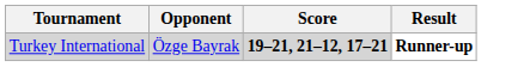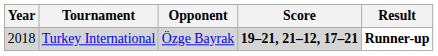 <table class="sortable wikitable" style="font-size:90%;">
 <tr>
+<th>Year</th>
 <th>Tournament</th>
 <th>Opponent</th>
 <th>Score</th>
 <th>Result</th>
 </tr>
 <tr style="background:#D5D5D5">
+<td align="center">2018</td>
 <td align="left"><a href='#'>Turkey International</a></td>
 <td align="left"> <a href='#'>Özge Bayrak</a></td>
 <td align="left"><strong>19–21, 21–12, 17–21</strong></td>
 <td style="text-align:left; background:white"> <strong>Runner-up</strong></td>
 </tr>
 </table>
